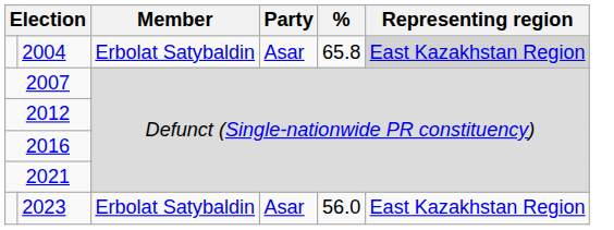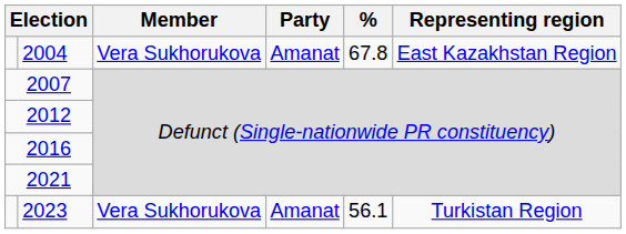 <table class="wikitable">
 <tr>
 <th colspan="2">Election</th>
 <th>Member</th>
 <th>Party</th>
 <th>%</th>
 <th>Representing region</th>
 </tr>
 <tr>
 <td style="background-color: "></td>
 <td><a href='#'>2004</a></td>
-<td><a href='#'>Erbolat Satybaldin</a></td>
-<td><a href='#'>Asar</a></td>
-<td align="right">65.8</td>
-<td align="center" style="background: lightgrey;"><a href='#'>East Kazakhstan Region</a></td>
+<td><a href='#'>Vera Sukhorukova</a></td>
+<td><a href='#'>Amanat</a></td>
+<td align="right">67.8</td>
+<td align="center"><a href='#'>East Kazakhstan Region</a></td>
 </tr>
 <tr>
 <td colspan="2" align="center"><a href='#'>2007</a></td>
 <td colspan="4" rowspan="4" align="center" style="background-color:#DCDCDC"><em>Defunct (<a href='#'>Single-nationwide PR constituency</a>)</em></td>
 </tr>
 <tr>
 <td colspan="2" align="center"><a href='#'>2012</a></td>
 </tr>
 <tr>
 <td colspan="2" align="center"><a href='#'>2016</a></td>
 </tr>
 <tr>
 <td colspan="2" align="center"><a href='#'>2021</a></td>
 </tr>
 <tr>
 <td style="background-color: "></td>
 <td><a href='#'>2023</a></td>
-<td><a href='#'>Erbolat Satybaldin</a></td>
-<td><a href='#'>Asar</a></td>
-<td align="right">56.0</td>
-<td align="center"><a href='#'>East Kazakhstan Region</a></td>
+<td><a href='#'>Vera Sukhorukova</a></td>
+<td><a href='#'>Amanat</a></td>
+<td align="right">56.1</td>
+<td align="center"><a href='#'>Turkistan Region</a></td>
 </tr>
 </table>
